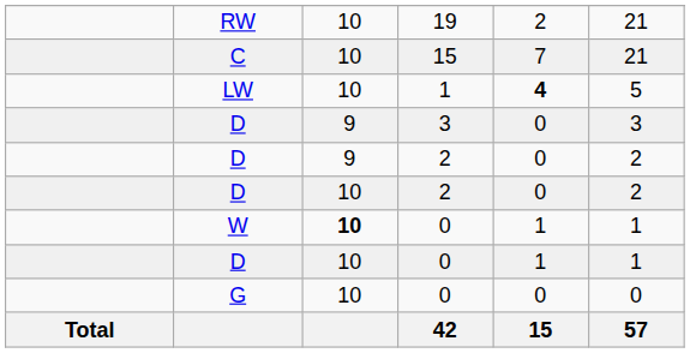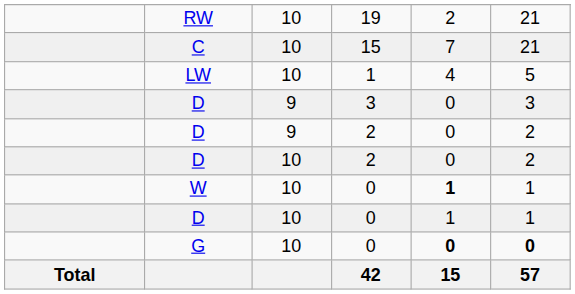 <table class="wikitable sortable" width ="40%">
 <tr align="center">
 </tr>
 <tr align="center" bgcolor="">
 <td></td>
 <td><a href='#'>RW</a></td>
 <td>10</td>
 <td>19</td>
 <td>2</td>
 <td>21</td>
 </tr>
 <tr align="center" bgcolor="f0f0f0">
 <td></td>
 <td><a href='#'>C</a></td>
 <td>10</td>
 <td>15</td>
 <td>7</td>
 <td>21</td>
 </tr>
 <tr align="center" bgcolor="">
 <td></td>
 <td><a href='#'>LW</a></td>
 <td>10</td>
 <td>1</td>
-<td><strong>4</strong></td>
+<td>4</td>
 <td>5</td>
 </tr>
 <tr align="center" bgcolor="f0f0f0">
 <td></td>
 <td><a href='#'>D</a></td>
 <td>9</td>
 <td>3</td>
 <td>0</td>
 <td>3</td>
 </tr>
 <tr align="center" bgcolor="">
 <td></td>
 <td><a href='#'>D</a></td>
 <td>9</td>
 <td>2</td>
 <td>0</td>
 <td>2</td>
 </tr>
 <tr align="center" bgcolor="f0f0f0">
 <td></td>
 <td><a href='#'>D</a></td>
 <td>10</td>
 <td>2</td>
 <td>0</td>
 <td>2</td>
 </tr>
 <tr align="center" bgcolor="">
 <td></td>
 <td><a href='#'>W</a></td>
-<td><strong>10</strong></td>
+<td>10</td>
 <td>0</td>
-<td>1</td>
+<td><strong>1</strong></td>
 <td>1</td>
 </tr>
 <tr align="center" bgcolor="f0f0f0">
 <td></td>
 <td><a href='#'>D</a></td>
 <td>10</td>
 <td>0</td>
 <td>1</td>
 <td>1</td>
 </tr>
 <tr align="center" bgcolor="">
 <td></td>
 <td><a href='#'>G</a></td>
 <td>10</td>
 <td>0</td>
-<td>0</td>
-<td>0</td>
+<td><strong>0</strong></td>
+<td><strong>0</strong></td>
 </tr>
 <tr>
 <th>Total</th>
 <th></th>
 <th></th>
 <th>42</th>
 <th>15</th>
 <th>57</th>
 </tr>
 </table>
